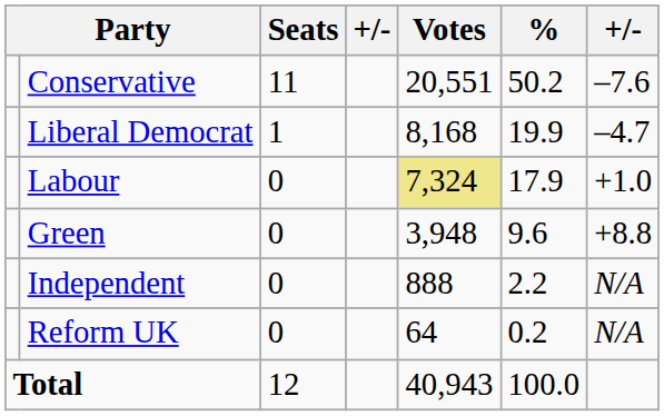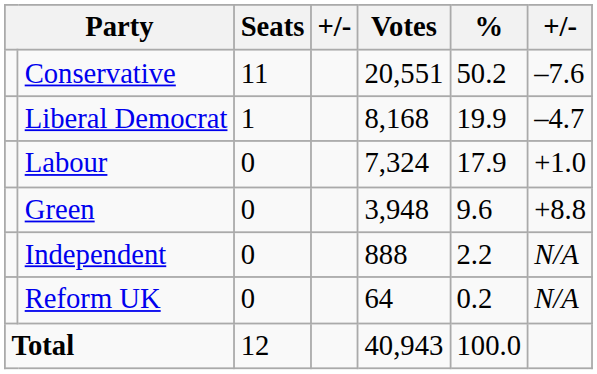 <table class="wikitable sortable">
 <tr>
 <th colspan="2">Party</th>
 <th>Seats</th>
 <th>+/-</th>
 <th>Votes</th>
 <th>%</th>
 <th>+/-</th>
 </tr>
 <tr>
 <td style="background-color: "></td>
 <td><a href='#'>Conservative</a></td>
 <td>11</td>
 <td></td>
 <td>20,551</td>
 <td>50.2</td>
 <td>–7.6</td>
 </tr>
 <tr>
 <td style="background-color: "></td>
 <td><a href='#'>Liberal Democrat</a></td>
 <td>1</td>
 <td></td>
 <td>8,168</td>
 <td>19.9</td>
 <td>–4.7</td>
 </tr>
 <tr>
 <td style="background-color: "></td>
 <td><a href='#'>Labour</a></td>
 <td>0</td>
 <td></td>
-<td style="background: khaki;">7,324</td>
+<td>7,324</td>
 <td>17.9</td>
 <td>+1.0</td>
 </tr>
 <tr>
 <td style="background-color: "></td>
 <td><a href='#'>Green</a></td>
 <td>0</td>
 <td></td>
 <td>3,948</td>
 <td>9.6</td>
 <td>+8.8</td>
 </tr>
 <tr>
 <td style="background-color: "></td>
 <td><a href='#'>Independent</a></td>
 <td>0</td>
 <td></td>
 <td>888</td>
 <td>2.2</td>
 <td><em>N/A</em></td>
 </tr>
 <tr>
 <td style="background-color: "></td>
 <td><a href='#'>Reform UK</a></td>
 <td>0</td>
 <td></td>
 <td>64</td>
 <td>0.2</td>
 <td><em>N/A</em></td>
 </tr>
 <tr>
 <td colspan="2"><strong>Total</strong></td>
 <td>12</td>
 <td></td>
 <td>40,943</td>
 <td>100.0</td>
 <td></td>
 </tr>
 </table>
